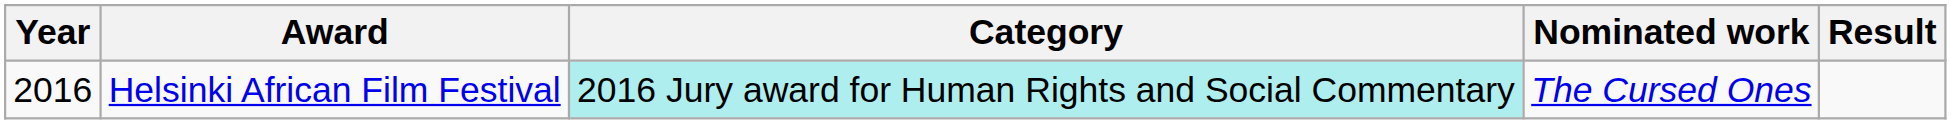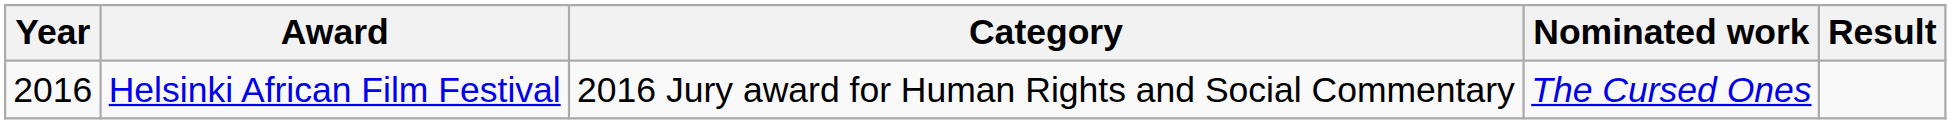 <table class="wikitable sortable">
 <tr>
 <th>Year</th>
 <th>Award</th>
 <th>Category</th>
 <th>Nominated work</th>
 <th>Result</th>
 </tr>
 <tr>
 <td rowspan=2>2016</td>
 <td rowspan=2><a href='#'>Helsinki African Film Festival</a></td>
-<td style="background: paleturquoise;">2016 Jury award for Human Rights and Social Commentary</td>
+<td>2016 Jury award for Human Rights and Social Commentary</td>
 <td><em><a href='#'>The Cursed Ones</a></em></td>
 <td></td>
 </tr>
 </table>
